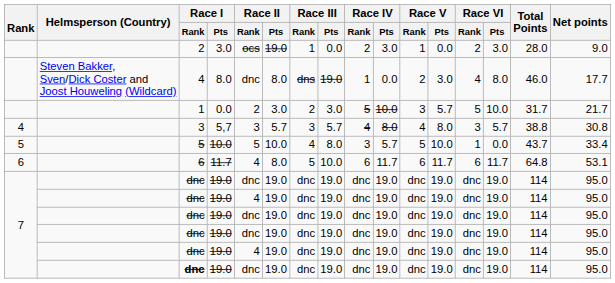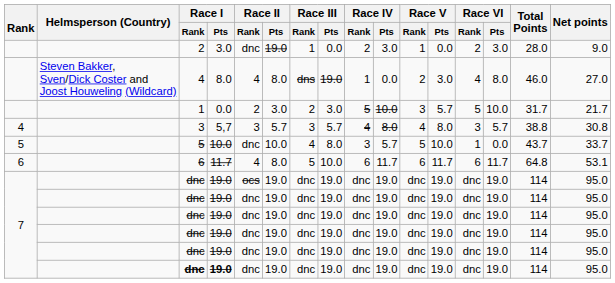 <table class="wikitable" style="text-align:right; font-size:90%">
 <tr>
 <th rowspan=2><br>Rank</th>
 <th rowspan=2>Helmsperson (Country)</th>
 <th colspan=2>Race I</th>
 <th colspan=2>Race II</th>
 <th colspan=2>Race III</th>
 <th colspan=2>Race IV</th>
 <th colspan=2>Race V</th>
 <th colspan=2>Race VI</th>
 <th rowspan=2>Total <br>Points <br></th>
 <th rowspan=2>Net points</th>
 </tr>
 <tr>
 <th><small>Rank</small></th>
 <th><small>Pts</small></th>
 <th><small>Rank</small></th>
 <th><small>Pts</small></th>
 <th><small>Rank</small></th>
 <th><small>Pts</small></th>
 <th><small>Rank</small></th>
 <th><small>Pts</small></th>
 <th><small>Rank</small></th>
 <th><small>Pts</small></th>
 <th><small>Rank</small></th>
 <th><small>Pts</small></th>
 </tr>
 <tr>
 <td align=center></td>
 <td align=left></td>
 <td>2</td>
 <td>3.0</td>
-<td><s>ocs</s></td>
+<td>dnc</td>
 <td><s>19.0</s></td>
 <td>1</td>
 <td>0.0</td>
 <td>2</td>
 <td>3.0</td>
 <td>1</td>
 <td>0.0</td>
 <td>2</td>
 <td>3.0</td>
 <td>28.0</td>
 <td>9.0</td>
 </tr>
 <tr>
 <td align=center></td>
 <td align="left"> <a href='#'>Steven Bakker</a>,<br><a href='#'>Sven</a>/<a href='#'>Dick Coster</a> and<br><a href='#'>Joost Houweling</a> <a href='#'>(Wildcard)</a></td>
 <td>4</td>
 <td>8.0</td>
-<td>dnc</td>
+<td>4</td>
 <td>8.0</td>
 <td><s>dns</s></td>
 <td><s>19.0</s></td>
 <td>1</td>
 <td>0.0</td>
 <td>2</td>
 <td>3.0</td>
 <td>4</td>
 <td>8.0</td>
 <td>46.0</td>
-<td>17.7</td>
+<td>27.0</td>
 </tr>
 <tr>
 <td align=center></td>
 <td align=left></td>
 <td>1</td>
 <td>0.0</td>
 <td>2</td>
 <td>3.0</td>
 <td>2</td>
 <td>3.0</td>
 <td><s>5</s></td>
 <td><s>10.0</s></td>
 <td>3</td>
 <td>5.7</td>
 <td>5</td>
 <td>10.0</td>
 <td>31.7</td>
 <td>21.7</td>
 </tr>
 <tr>
 <td align=center>4</td>
 <td align=left></td>
 <td>3</td>
 <td>5,7</td>
 <td>3</td>
 <td>5.7</td>
 <td>3</td>
 <td>5.7</td>
 <td><s>4</s></td>
 <td><s>8.0</s></td>
 <td>4</td>
 <td>8.0</td>
 <td>3</td>
 <td>5.7</td>
 <td>38.8</td>
 <td>30.8</td>
 </tr>
 <tr>
 <td align=center>5</td>
 <td align=left></td>
 <td><s>5</s></td>
 <td><s>10.0</s></td>
-<td>5</td>
+<td>dnc</td>
 <td>10.0</td>
 <td>4</td>
 <td>8.0</td>
 <td>3</td>
 <td>5.7</td>
 <td>5</td>
 <td>10.0</td>
 <td>1</td>
 <td>0.0</td>
 <td>43.7</td>
-<td>33.4</td>
+<td>33.7</td>
 </tr>
 <tr>
 <td align=center>6</td>
 <td align=left></td>
 <td><s>6</s></td>
 <td><s>11.7</s></td>
 <td>4</td>
 <td>8.0</td>
 <td>5</td>
 <td>10.0</td>
 <td>6</td>
 <td>11.7</td>
 <td>6</td>
 <td>11.7</td>
 <td>6</td>
 <td>11.7</td>
 <td>64.8</td>
 <td>53.1</td>
 </tr>
 <tr>
 <td rowspan=6 align=center>7</td>
 <td align=left></td>
 <td><s>dnc</s></td>
 <td><s>19.0</s></td>
-<td>dnc</td>
-<td>19.0</td>
-<td>dnc</td>
-<td>19.0</td>
-<td>dnc</td>
-<td>19.0</td>
-<td>dnc</td>
-<td>19.0</td>
-<td>dnc</td>
-<td>19.0</td>
-<td dnc>114</td>
-<td>95.0</td>
-</tr>
-<tr>
-<td align=left></td>
-<td><s>dnc</s></td>
-<td><s>19.0</s></td>
-<td>4</td>
+<td><s>ocs</s></td>
 <td>19.0</td>
 <td>dnc</td>
 <td>19.0</td>
 <td>dnc</td>
 <td>19.0</td>
 <td>dnc</td>
 <td>19.0</td>
 <td>dnc</td>
 <td>19.0</td>
 <td dnc>114</td>
 <td>95.0</td>
 </tr>
 <tr>
 <td align=left></td>
 <td><s>dnc</s></td>
 <td><s>19.0</s></td>
 <td>dnc</td>
 <td>19.0</td>
 <td>dnc</td>
 <td>19.0</td>
 <td>dnc</td>
 <td>19.0</td>
 <td>dnc</td>
 <td>19.0</td>
 <td>dnc</td>
 <td>19.0</td>
 <td dnc>114</td>
 <td>95.0</td>
 </tr>
 <tr>
 <td align=left></td>
 <td><s>dnc</s></td>
 <td><s>19.0</s></td>
 <td>dnc</td>
 <td>19.0</td>
 <td>dnc</td>
 <td>19.0</td>
 <td>dnc</td>
 <td>19.0</td>
 <td>dnc</td>
 <td>19.0</td>
 <td>dnc</td>
 <td>19.0</td>
 <td dnc>114</td>
 <td>95.0</td>
 </tr>
 <tr>
 <td align=left></td>
 <td><s>dnc</s></td>
 <td><s>19.0</s></td>
-<td>4</td>
+<td>dnc</td>
+<td>19.0</td>
+<td>dnc</td>
+<td>19.0</td>
+<td>dnc</td>
+<td>19.0</td>
+<td>dnc</td>
+<td>19.0</td>
+<td>dnc</td>
+<td>19.0</td>
+<td dnc>114</td>
+<td>95.0</td>
+</tr>
+<tr>
+<td align=left></td>
+<td><s>dnc</s></td>
+<td><s>19.0</s></td>
+<td>dnc</td>
 <td>19.0</td>
 <td>dnc</td>
 <td>19.0</td>
 <td>dnc</td>
 <td>19.0</td>
 <td>dnc</td>
 <td>19.0</td>
 <td>dnc</td>
 <td>19.0</td>
 <td dnc>114</td>
 <td>95.0</td>
 </tr>
 <tr>
 <td align=left></td>
 <td><strong><s>dnc</s></strong></td>
-<td><s>19.0</s></td>
+<td><strong><s>19.0</s></strong></td>
 <td>dnc</td>
 <td>19.0</td>
 <td>dnc</td>
 <td>19.0</td>
 <td>dnc</td>
 <td>19.0</td>
 <td>dnc</td>
 <td>19.0</td>
 <td>dnc</td>
 <td>19.0</td>
 <td dnc>114</td>
 <td>95.0</td>
 </tr>
 </table>
